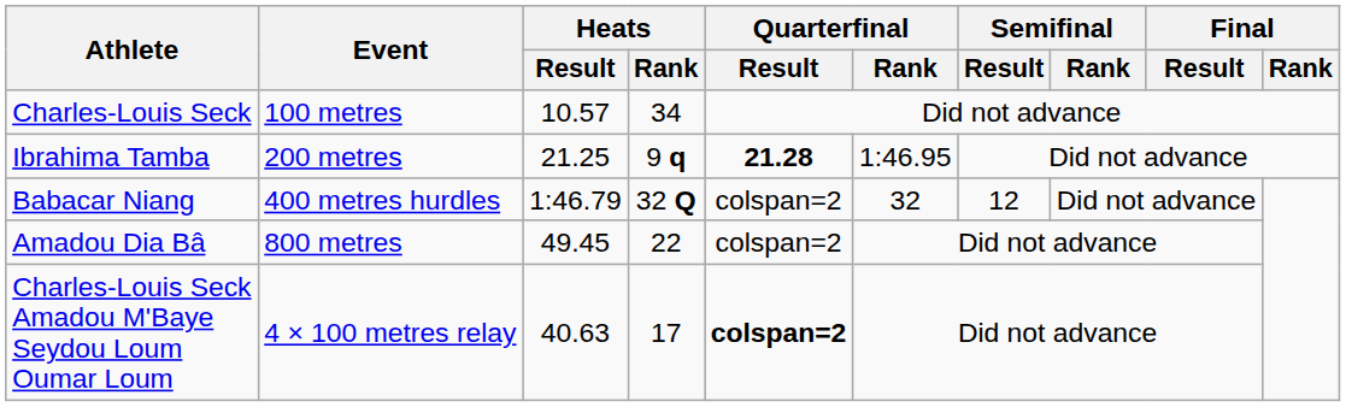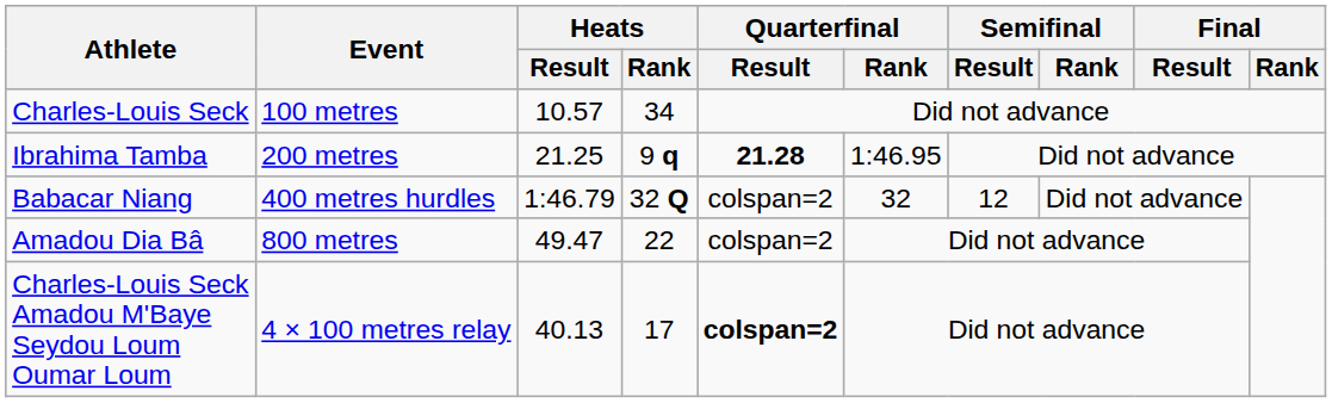 <table class="wikitable" style="font-size:90%">
 <tr>
 <th rowspan="2">Athlete</th>
 <th rowspan="2">Event</th>
 <th colspan="2">Heats</th>
 <th colspan="2">Quarterfinal</th>
 <th colspan="2">Semifinal</th>
 <th colspan="2">Final</th>
 </tr>
 <tr style="font-size:95%">
 <th>Result</th>
 <th>Rank</th>
 <th>Result</th>
 <th>Rank</th>
 <th>Result</th>
 <th>Rank</th>
 <th>Result</th>
 <th>Rank</th>
 </tr>
 <tr align=center>
 <td align=left><a href='#'>Charles-Louis Seck</a></td>
 <td align=left><a href='#'>100 metres</a></td>
 <td>10.57</td>
 <td>34</td>
 <td colspan=6>Did not advance</td>
 </tr>
 <tr align=center>
 <td align=left><a href='#'>Ibrahima Tamba</a></td>
 <td align=left><a href='#'>200 metres</a></td>
 <td>21.25</td>
 <td>9 <strong>q</strong></td>
 <td><strong>21.28</strong></td>
 <td>1:46.95</td>
 <td colspan=4>Did not advance</td>
 </tr>
 <tr align=center>
 <td align=left><a href='#'>Babacar Niang</a></td>
 <td align=left><a href='#'>400 metres hurdles</a></td>
 <td>1:46.79</td>
 <td>32 <strong>Q</strong></td>
 <td>colspan=2</td>
 <td>32</td>
 <td>12</td>
 <td colspan=2>Did not advance</td>
 </tr>
 <tr align=center>
 <td align=left><a href='#'>Amadou Dia Bâ</a></td>
 <td align=left><a href='#'>800 metres</a></td>
-<td>49.45</td>
+<td>49.47</td>
 <td>22</td>
 <td>colspan=2</td>
 <td colspan=4>Did not advance</td>
 </tr>
 <tr align=center>
 <td align=left><a href='#'>Charles-Louis Seck</a><br><a href='#'>Amadou M'Baye</a><br><a href='#'>Seydou Loum</a><br><a href='#'>Oumar Loum</a></td>
 <td align=left><a href='#'>4 × 100 metres relay</a></td>
-<td>40.63</td>
+<td>40.13</td>
 <td>17</td>
 <td><strong>colspan=2</strong></td>
 <td colspan=4>Did not advance</td>
 </tr>
 </table>
